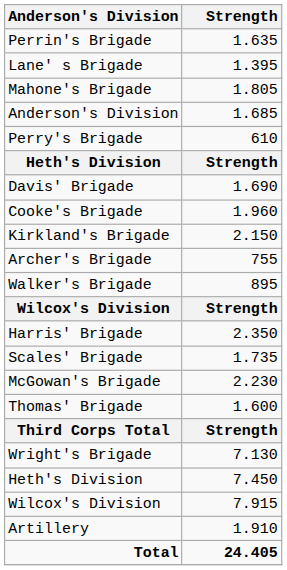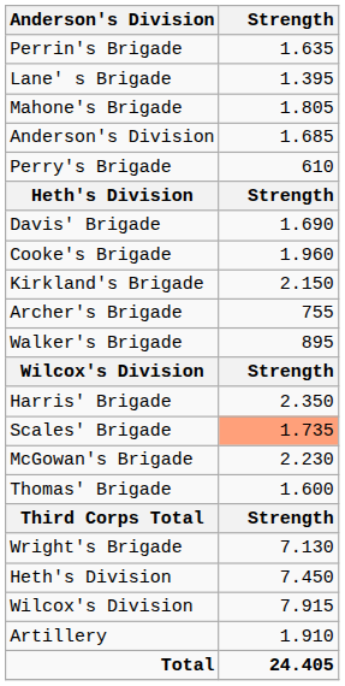 <table class="wikitable">
 <tr>
 <th>Anderson's Division</th>
 <th width=80px; style="text-align: right;">Strength</th>
 </tr>
 <tr>
 <td>Perrin's Brigade</td>
 <td style="text-align: right;">1.635</td>
 </tr>
 <tr>
 <td>Lane' s Brigade</td>
 <td style="text-align: right;">1.395</td>
 </tr>
 <tr>
 <td>Mahone's Brigade</td>
 <td style="text-align: right;">1.805</td>
 </tr>
 <tr>
 <td>Anderson's Division</td>
 <td style="text-align: right;">1.685</td>
 </tr>
 <tr>
 <td>Perry's Brigade</td>
 <td style="text-align: right;">610</td>
 </tr>
 <tr>
 <th>Heth's Division</th>
 <th width=80px; style="text-align: right;">Strength</th>
 </tr>
 <tr>
 <td>Davis' Brigade</td>
 <td style="text-align: right;">1.690</td>
 </tr>
 <tr>
 <td>Cooke's Brigade</td>
 <td style="text-align: right;">1.960</td>
 </tr>
 <tr>
 <td>Kirkland's Brigade</td>
 <td style="text-align: right;">2.150</td>
 </tr>
 <tr>
 <td>Archer's Brigade</td>
 <td style="text-align: right;">755</td>
 </tr>
 <tr>
 <td>Walker's Brigade</td>
 <td style="text-align: right;">895</td>
 </tr>
 <tr>
 <th>Wilcox's Division</th>
 <th width=80px; style="text-align: right;">Strength</th>
 </tr>
 <tr>
 <td>Harris' Brigade</td>
 <td style="text-align: right;">2.350</td>
 </tr>
 <tr>
 <td>Scales' Brigade</td>
-<td style="text-align: right;">1.735</td>
+<td style="background: lightsalmon; text-align: right;">1.735</td>
 </tr>
 <tr>
 <td>McGowan's Brigade</td>
 <td style="text-align: right;">2.230</td>
 </tr>
 <tr>
 <td>Thomas' Brigade</td>
 <td style="text-align: right;">1.600</td>
 </tr>
 <tr>
 <th>Third Corps Total</th>
 <th width=80px; style="text-align: right;">Strength</th>
 </tr>
 <tr>
 <td>Wright's Brigade</td>
 <td style="text-align: right;">7.130</td>
 </tr>
 <tr>
 <td>Heth's Division</td>
 <td style="text-align: right;">7.450</td>
 </tr>
 <tr>
 <td>Wilcox's Division</td>
 <td style="text-align: right;">7.915</td>
 </tr>
 <tr>
 <td>Artillery</td>
 <td style="text-align: right;">1.910</td>
 </tr>
 <tr>
 <td style="text-align: right; font-weight: bold;">Total</td>
 <td style="text-align: right; font-weight: bold;">24.405</td>
 </tr>
 <tr>
 </tr>
 </table>
